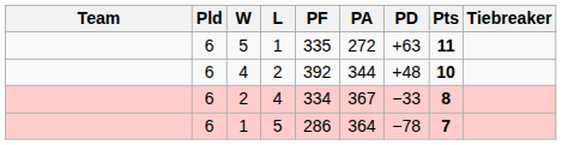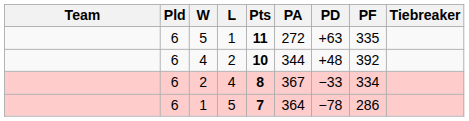 <table class="wikitable" style="text-align:center;">
 <tr>
 <th width=170>Team</th>
 <th width=25>Pld</th>
 <th width=25>W</th>
 <th width=25>L</th>
-<th width=35>PF</th>
+<th width=25>Pts</th>
 <th width=35>PA</th>
 <th width=35>PD</th>
-<th width=25>Pts</th>
+<th width=35>PF</th>
 <th width=50>Tiebreaker</th>
 </tr>
 <tr bgcolor=>
 <td align="left"></td>
 <td>6</td>
 <td>5</td>
 <td>1</td>
-<td>335</td>
+<td><strong>11</strong></td>
 <td>272</td>
 <td>+63</td>
-<td><strong>11</strong></td>
+<td>335</td>
 <td></td>
 </tr>
 <tr bgcolor=>
 <td align="left"></td>
 <td>6</td>
 <td>4</td>
 <td>2</td>
-<td>392</td>
+<td><strong>10</strong></td>
 <td>344</td>
 <td>+48</td>
-<td><strong>10</strong></td>
+<td>392</td>
 <td></td>
 </tr>
 <tr bgcolor=ffcccc>
 <td align="left"></td>
 <td>6</td>
 <td>2</td>
 <td>4</td>
-<td>334</td>
+<td><strong>8</strong></td>
 <td>367</td>
 <td>−33</td>
-<td><strong>8</strong></td>
+<td>334</td>
 <td></td>
 </tr>
 <tr bgcolor=ffcccc>
 <td align="left"></td>
 <td>6</td>
 <td>1</td>
 <td>5</td>
-<td>286</td>
+<td><strong>7</strong></td>
 <td>364</td>
 <td>−78</td>
-<td><strong>7</strong></td>
+<td>286</td>
 <td></td>
 </tr>
 </table>
